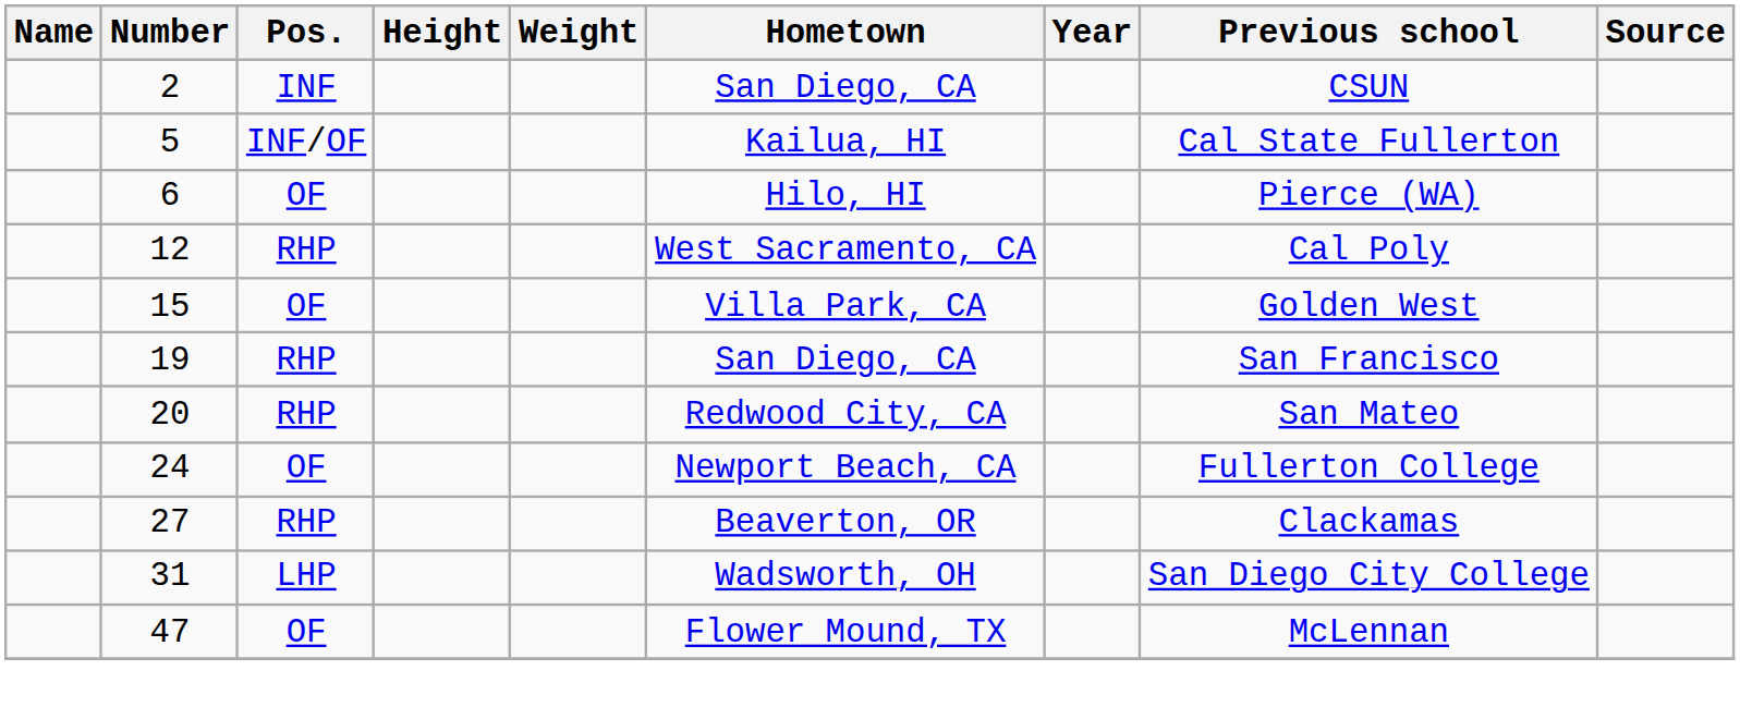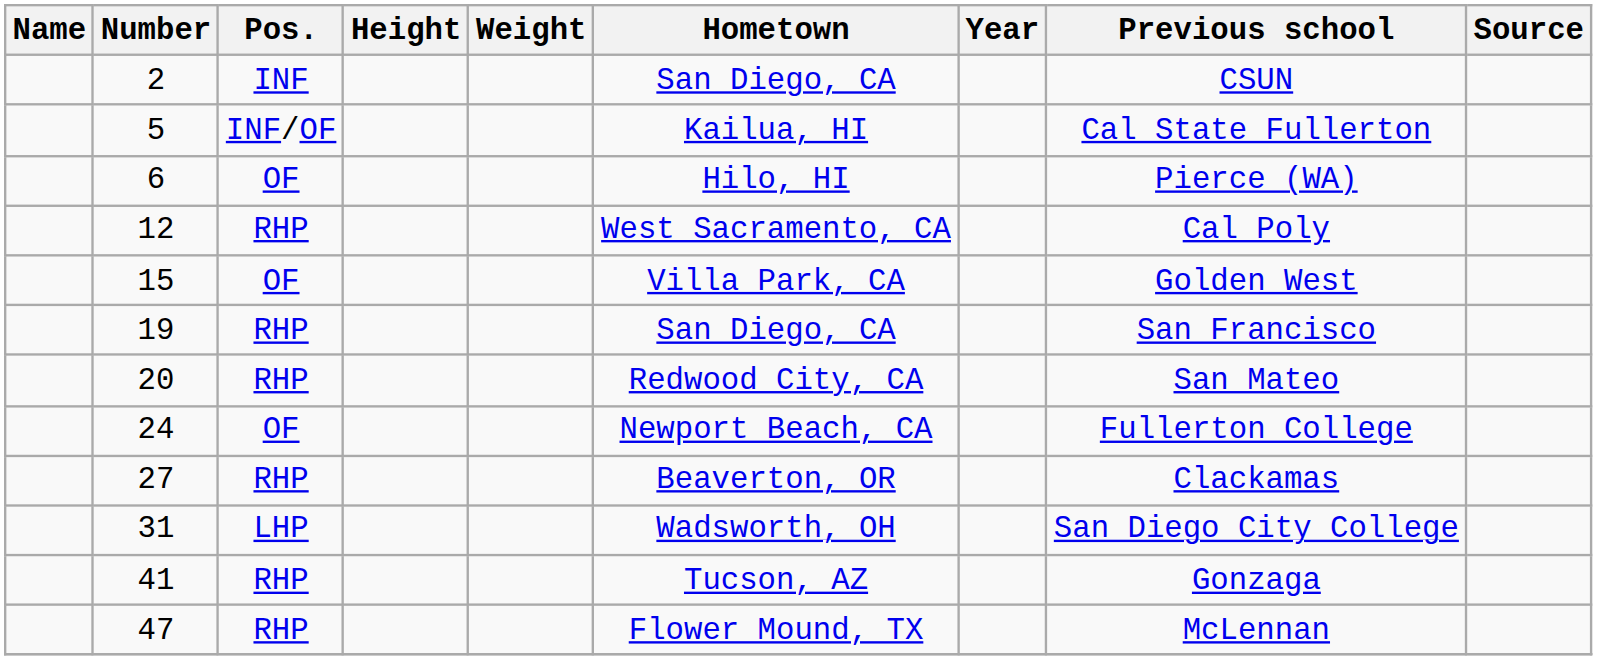 <table class="wikitable sortable sortable" style="text-align: center">
 <tr align=center>
 <th>Name</th>
 <th>Number</th>
 <th>Pos.</th>
 <th>Height</th>
 <th>Weight</th>
 <th>Hometown</th>
 <th>Year</th>
 <th>Previous school</th>
 <th>Source</th>
 </tr>
 <tr>
 <td></td>
 <td>2</td>
 <td><a href='#'>INF</a></td>
 <td></td>
 <td></td>
 <td><a href='#'>San Diego, CA</a></td>
 <td></td>
 <td><a href='#'>CSUN</a></td>
 <td></td>
 </tr>
 <tr>
 <td></td>
 <td>5</td>
 <td><a href='#'>INF</a>/<a href='#'>OF</a></td>
 <td></td>
 <td></td>
 <td><a href='#'>Kailua, HI</a></td>
 <td></td>
 <td><a href='#'>Cal State Fullerton</a></td>
 <td></td>
 </tr>
 <tr>
 <td></td>
 <td>6</td>
 <td><a href='#'>OF</a></td>
 <td></td>
 <td></td>
 <td><a href='#'>Hilo, HI</a></td>
 <td></td>
 <td><a href='#'>Pierce (WA)</a></td>
 <td></td>
 </tr>
 <tr>
 <td></td>
 <td>12</td>
 <td><a href='#'>RHP</a></td>
 <td></td>
 <td></td>
 <td><a href='#'>West Sacramento, CA</a></td>
 <td></td>
 <td><a href='#'>Cal Poly</a></td>
 <td></td>
 </tr>
 <tr>
 <td></td>
 <td>15</td>
 <td><a href='#'>OF</a></td>
 <td></td>
 <td></td>
 <td><a href='#'>Villa Park, CA</a></td>
 <td></td>
 <td><a href='#'>Golden West</a></td>
 <td></td>
 </tr>
 <tr>
 <td></td>
 <td>19</td>
 <td><a href='#'>RHP</a></td>
 <td></td>
 <td></td>
 <td><a href='#'>San Diego, CA</a></td>
 <td></td>
 <td><a href='#'>San Francisco</a></td>
 <td></td>
 </tr>
 <tr>
 <td></td>
 <td>20</td>
 <td><a href='#'>RHP</a></td>
 <td></td>
 <td></td>
 <td><a href='#'>Redwood City, CA</a></td>
 <td></td>
 <td><a href='#'>San Mateo</a></td>
 <td></td>
 </tr>
 <tr>
 <td></td>
 <td>24</td>
 <td><a href='#'>OF</a></td>
 <td></td>
 <td></td>
 <td><a href='#'>Newport Beach, CA</a></td>
 <td></td>
 <td><a href='#'>Fullerton College</a></td>
 <td></td>
 </tr>
 <tr>
 <td></td>
 <td>27</td>
 <td><a href='#'>RHP</a></td>
 <td></td>
 <td></td>
 <td><a href='#'>Beaverton, OR</a></td>
 <td></td>
 <td><a href='#'>Clackamas</a></td>
 <td></td>
 </tr>
 <tr>
 <td></td>
 <td>31</td>
 <td><a href='#'>LHP</a></td>
 <td></td>
 <td></td>
 <td><a href='#'>Wadsworth, OH</a></td>
 <td></td>
 <td><a href='#'>San Diego City College</a></td>
 <td></td>
 </tr>
 <tr>
 <td></td>
+<td>41</td>
+<td><a href='#'>RHP</a></td>
+<td></td>
+<td></td>
+<td><a href='#'>Tucson, AZ</a></td>
+<td></td>
+<td><a href='#'>Gonzaga</a></td>
+<td></td>
+</tr>
+<tr>
+<td></td>
 <td>47</td>
-<td><a href='#'>OF</a></td>
+<td><a href='#'>RHP</a></td>
 <td></td>
 <td></td>
 <td><a href='#'>Flower Mound, TX</a></td>
 <td></td>
 <td><a href='#'>McLennan</a></td>
 <td></td>
 </tr>
 <tr>
 </tr>
 </table>
